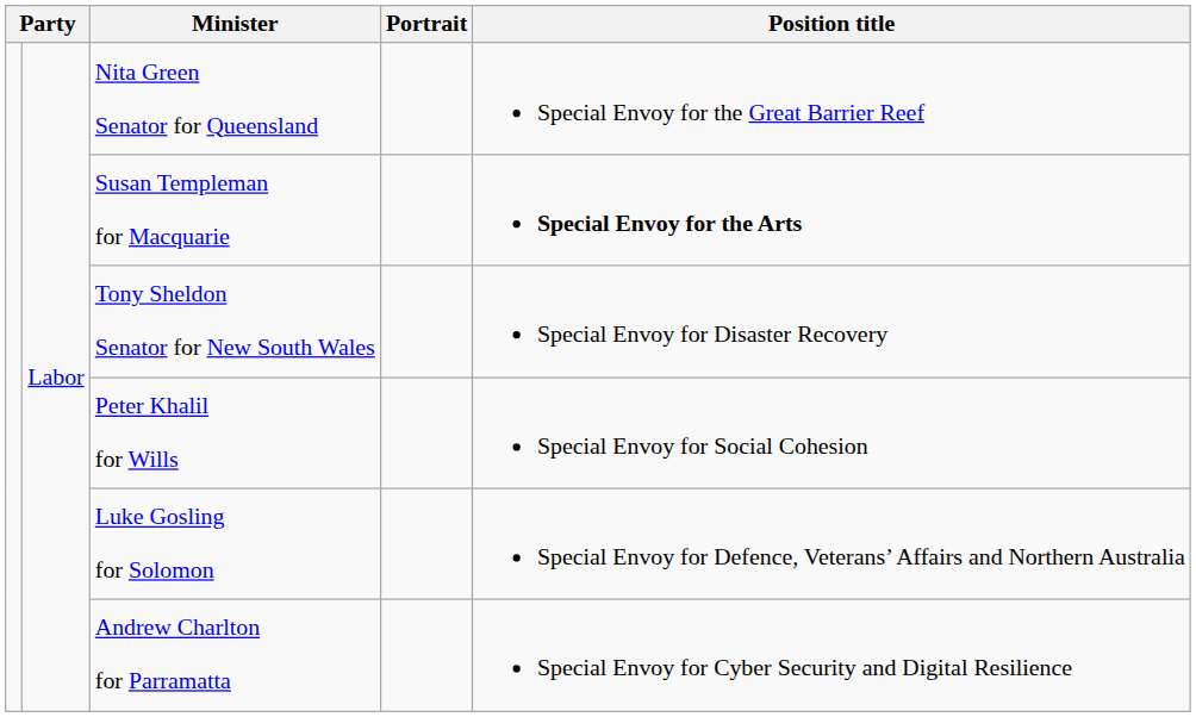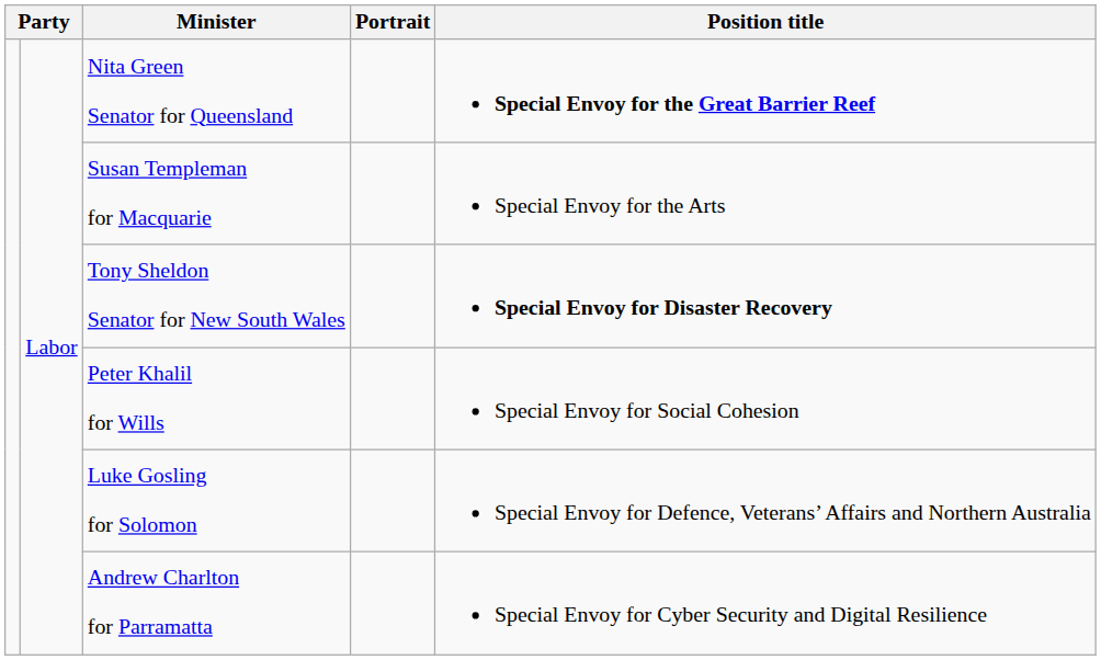 <table class="wikitable sortable">
 <tr>
 <th colspan="2">Party</th>
 <th>Minister</th>
 <th>Portrait</th>
 <th>Position title</th>
 </tr>
 <tr>
 <td rowspan="6" > </td>
 <td rowspan=6><a href='#'>Labor</a></td>
 <td><a href='#'>Nita Green</a> <br><br><a href='#'>Senator</a> for <a href='#'>Queensland</a><br></td>
 <td></td>
-<td><br><ul><li>Special Envoy for the <a href='#'>Great Barrier Reef</a></li></ul></td>
+<td><strong><br><ul><li>Special Envoy for the <a href='#'>Great Barrier Reef</a></li></ul></strong></td>
 </tr>
 <tr>
 <td><a href='#'>Susan Templeman</a><br><br> for <a href='#'>Macquarie</a><br></td>
 <td></td>
-<td><strong><br><ul><li>Special Envoy for the Arts</li></ul></strong></td>
+<td><br><ul><li>Special Envoy for the Arts</li></ul></td>
 </tr>
 <tr>
 <td><a href='#'>Tony Sheldon</a> <br><br><a href='#'>Senator</a> for <a href='#'>New South Wales</a><br></td>
 <td></td>
-<td><br><ul><li>Special Envoy for Disaster Recovery</li></ul></td>
+<td><strong><br><ul><li>Special Envoy for Disaster Recovery</li></ul></strong></td>
 </tr>
 <tr>
 <td><a href='#'>Peter Khalil</a> <br><br> for <a href='#'>Wills</a><br></td>
 <td></td>
 <td><br><ul><li>Special Envoy for Social Cohesion</li></ul></td>
 </tr>
 <tr>
 <td><a href='#'>Luke Gosling</a> <br><br> for <a href='#'>Solomon</a><br></td>
 <td></td>
 <td><br><ul><li>Special Envoy for Defence, Veterans’ Affairs and Northern Australia</li></ul></td>
 </tr>
 <tr>
 <td><a href='#'>Andrew Charlton</a> <br><br> for <a href='#'>Parramatta</a><br></td>
 <td></td>
 <td><br><ul><li>Special Envoy for Cyber Security and Digital Resilience</li></ul></td>
 </tr>
 </table>
